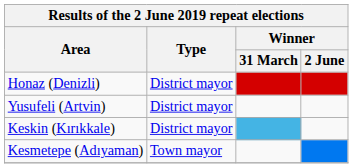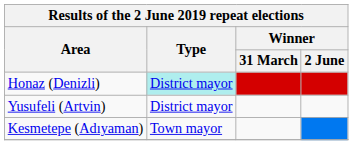 <table class="wikitable">
 <tr>
 <th colspan=4>Results of the 2 June 2019 repeat elections</th>
 </tr>
 <tr>
 <th rowspan=2>Area</th>
 <th rowspan=2>Type</th>
 <th colspan=2>Winner</th>
 </tr>
 <tr>
 <th>31 March</th>
 <th>2 June</th>
 </tr>
 <tr>
 <td><a href='#'>Honaz</a> (<a href='#'>Denizli</a>)</td>
-<td><a href='#'>District mayor</a></td>
+<td style="background: paleturquoise;"><a href='#'>District mayor</a></td>
 <td style="background:#d40000; text-align:center;"></td>
 <td style="background:#d40000; text-align:center;"></td>
 </tr>
 <tr>
 <td><a href='#'>Yusufeli</a> (<a href='#'>Artvin</a>)</td>
 <td><a href='#'>District mayor</a></td>
 <td style="background:"></td>
-<td style="background:"></td>
-</tr>
-<tr>
-<td><a href='#'>Keskin</a> (<a href='#'>Kırıkkale</a>)</td>
-<td><a href='#'>District mayor</a></td>
-<td style="background:#44b4e4; text-align:center;"></td>
 <td style="background:"></td>
 </tr>
 <tr>
 <td><a href='#'>Kesmetepe</a> (<a href='#'>Adıyaman</a>)</td>
 <td><a href='#'>Town mayor</a></td>
 <td></td>
 <td style="background:#0078F0; text-align:center;"></td>
 </tr>
 <tr>
 </tr>
 </table>
